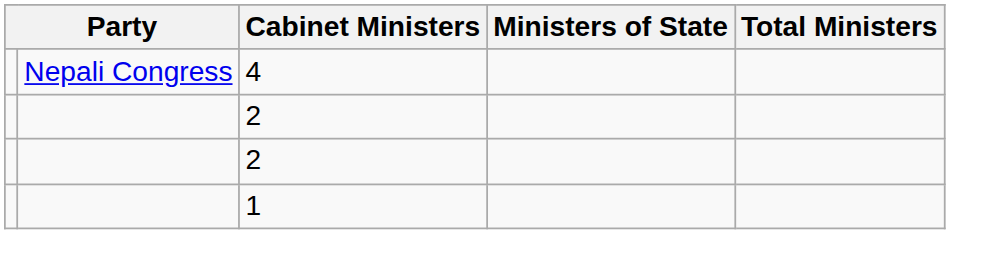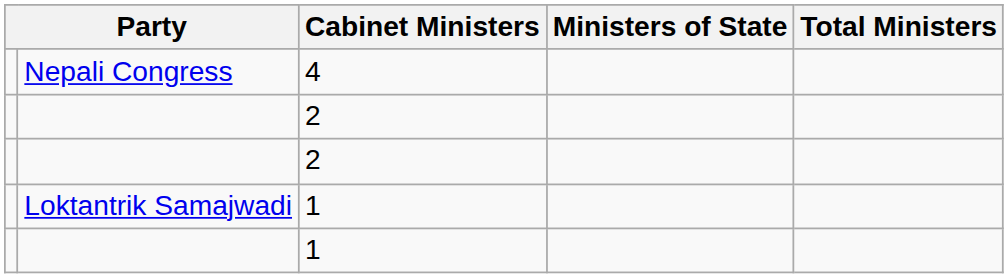 <table class="wikitable">
 <tr>
 <th colspan="2">Party</th>
 <th>Cabinet Ministers</th>
 <th>Ministers of State</th>
 <th>Total Ministers</th>
 </tr>
 <tr>
 <td></td>
 <td><a href='#'>Nepali Congress</a></td>
 <td>4</td>
 <td></td>
 <td></td>
 </tr>
 <tr>
 <td></td>
 <td></td>
 <td>2</td>
 <td></td>
 <td></td>
 </tr>
 <tr>
 <td></td>
 <td></td>
 <td>2</td>
 <td></td>
 <td></td>
 </tr>
 <tr>
 <td></td>
+<td><a href='#'>Loktantrik Samajwadi</a></td>
+<td>1</td>
+<td></td>
+<td></td>
+</tr>
+<tr>
+<td></td>
 <td></td>
 <td>1</td>
 <td></td>
 <td></td>
 </tr>
 </table>
